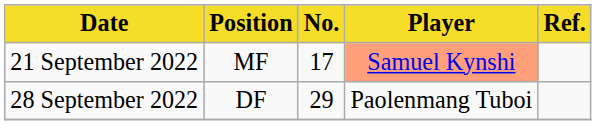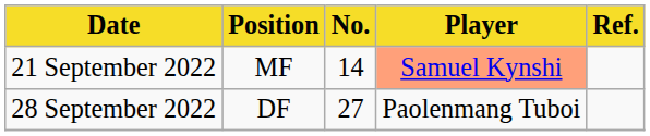 <table class="wikitable"  style="text-align:center;">
 <tr>
 <th style="background:#F6DD28; color:#020202;"><strong>Date</strong></th>
 <th style="background:#F6DD28; color:#020202;"><strong>Position</strong></th>
 <th style="background:#F6DD28; color:#020202;"><strong>No.</strong></th>
 <th style="background:#F6DD28; color:#020202;"><strong> Player</strong></th>
 <th style="background:#F6DD28; color:#020202;"><strong>Ref.</strong></th>
 </tr>
 <tr>
 <td>21 September 2022</td>
 <td style="text-align:center;">MF</td>
-<td style="text-align:center;">17</td>
+<td style="text-align:center;">14</td>
 <td style="background: lightsalmon;"> <a href='#'>Samuel Kynshi</a></td>
 <td></td>
 </tr>
 <tr>
 <td>28 September 2022</td>
 <td style="text-align:center;">DF</td>
-<td style="text-align:center;">29</td>
+<td style="text-align:center;">27</td>
 <td> Paolenmang Tuboi</td>
 <td></td>
 </tr>
 <tr>
 </tr>
 </table>
